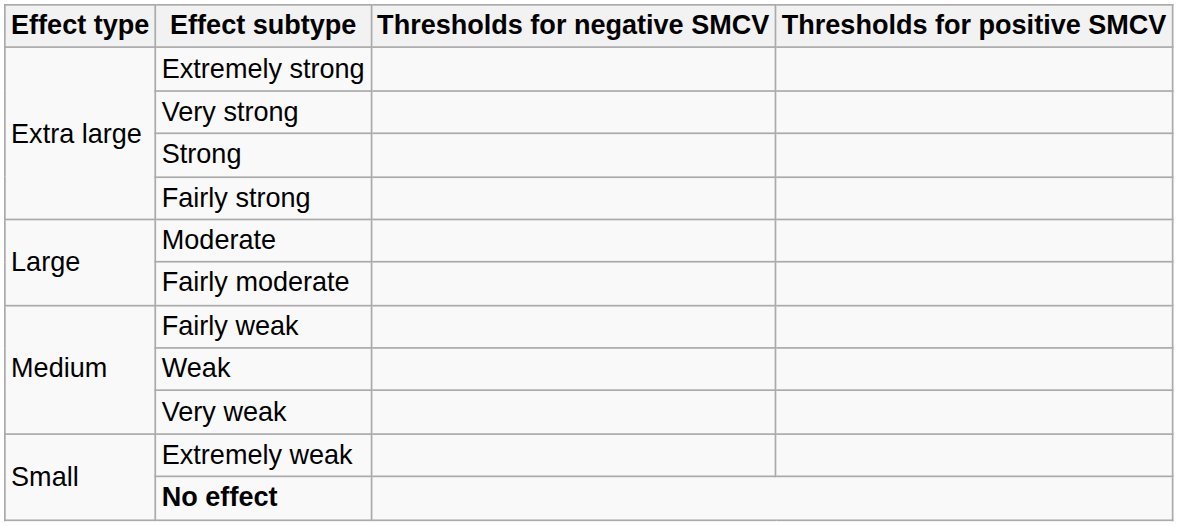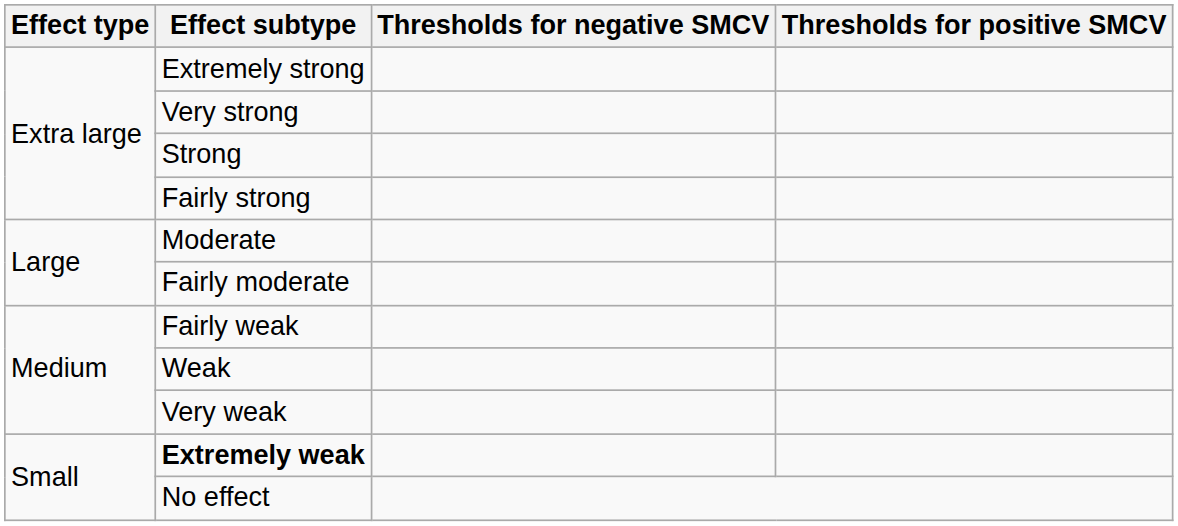 <table class="wikitable">
 <tr>
 <th>Effect type</th>
 <th>Effect subtype</th>
 <th>Thresholds for negative SMCV</th>
 <th>Thresholds for positive SMCV</th>
 </tr>
 <tr>
 <td rowspan=4>Extra large</td>
 <td>Extremely strong</td>
 <td></td>
 <td></td>
 </tr>
 <tr>
 <td>Very strong</td>
 <td></td>
 <td></td>
 </tr>
 <tr>
 <td>Strong</td>
 <td></td>
 <td></td>
 </tr>
 <tr>
 <td>Fairly strong</td>
 <td></td>
 <td></td>
 </tr>
 <tr>
 <td rowspan=2>Large</td>
 <td>Moderate</td>
 <td></td>
 <td></td>
 </tr>
 <tr>
 <td>Fairly moderate</td>
 <td></td>
 <td></td>
 </tr>
 <tr>
 <td rowspan=3>Medium</td>
 <td>Fairly weak</td>
 <td></td>
 <td></td>
 </tr>
 <tr>
 <td>Weak</td>
 <td></td>
 <td></td>
 </tr>
 <tr>
 <td>Very weak</td>
 <td></td>
 <td></td>
 </tr>
 <tr>
 <td rowspan=2>Small</td>
-<td>Extremely weak</td>
+<td><strong>Extremely weak</strong></td>
 <td></td>
 <td></td>
 </tr>
 <tr>
-<td><strong>No effect</strong></td>
+<td>No effect</td>
 <td colspan=2></td>
 </tr>
 </table>
